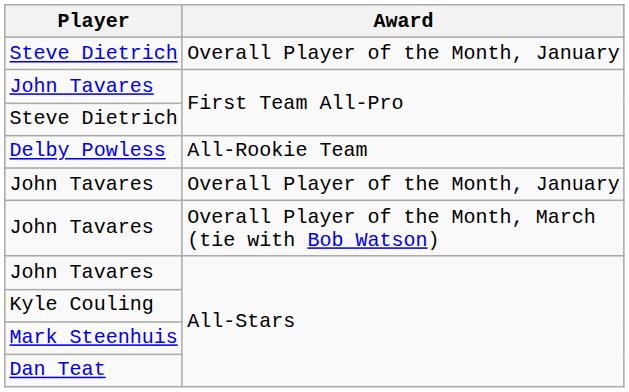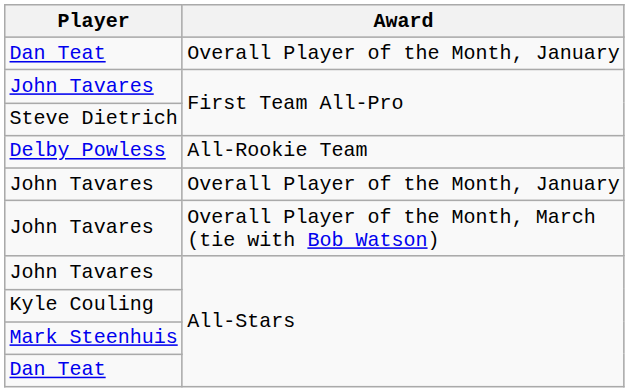 <table class="wikitable">
 <tr>
 <th>Player</th>
 <th>Award</th>
 </tr>
 <tr>
-<td><a href='#'>Steve Dietrich</a></td>
+<td><a href='#'>Dan Teat</a></td>
 <td>Overall Player of the Month, January</td>
 </tr>
 <tr>
 <td><a href='#'>John Tavares</a></td>
 <td rowspan=2>First Team All-Pro</td>
 </tr>
 <tr>
 <td>Steve Dietrich</td>
 </tr>
 <tr>
 <td><a href='#'>Delby Powless</a></td>
 <td>All-Rookie Team</td>
 </tr>
 <tr>
 <td>John Tavares</td>
 <td>Overall Player of the Month, January</td>
 </tr>
 <tr>
 <td>John Tavares</td>
 <td>Overall Player of the Month, March<br>(tie with <a href='#'>Bob Watson</a>)</td>
 </tr>
 <tr>
 <td>John Tavares</td>
 <td rowspan=4>All-Stars</td>
 </tr>
 <tr>
 <td>Kyle Couling</td>
 </tr>
 <tr>
 <td><a href='#'>Mark Steenhuis</a></td>
 </tr>
 <tr>
 <td><a href='#'>Dan Teat</a></td>
 </tr>
 </table>
